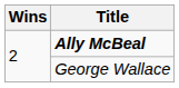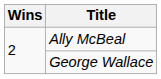 <table class="wikitable">
 <tr>
 <th>Wins</th>
 <th>Title</th>
 </tr>
 <tr>
 <td rowspan="2">2</td>
-<td><strong><em>Ally McBeal</em></strong></td>
+<td><em>Ally McBeal</em></td>
 </tr>
 <tr>
 <td><em>George Wallace</em></td>
 </tr>
 </table>
